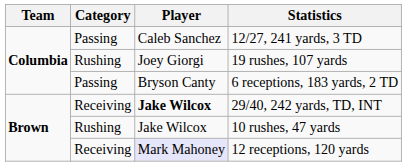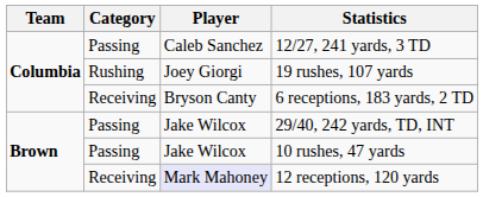 <table class="wikitable" style="float: right;">
 <tr>
 <th>Team</th>
 <th>Category</th>
 <th>Player</th>
 <th>Statistics</th>
 </tr>
 <tr>
 <td rowspan=3><strong>Columbia</strong></td>
 <td>Passing</td>
 <td>Caleb Sanchez</td>
 <td>12/27, 241 yards, 3 TD</td>
 </tr>
 <tr>
 <td>Rushing</td>
 <td>Joey Giorgi</td>
 <td>19 rushes, 107 yards</td>
 </tr>
 <tr>
-<td>Passing</td>
+<td>Receiving</td>
 <td>Bryson Canty</td>
 <td>6 receptions, 183 yards, 2 TD</td>
 </tr>
 <tr>
 <td rowspan=3><strong>Brown</strong></td>
-<td>Receiving</td>
-<td><strong>Jake Wilcox</strong></td>
+<td>Passing</td>
+<td>Jake Wilcox</td>
 <td>29/40, 242 yards, TD, INT</td>
 </tr>
 <tr>
-<td>Rushing</td>
+<td>Passing</td>
 <td>Jake Wilcox</td>
 <td>10 rushes, 47 yards</td>
 </tr>
 <tr>
 <td>Receiving</td>
 <td style="background: lavender;">Mark Mahoney</td>
 <td>12 receptions, 120 yards</td>
 </tr>
 </table>
